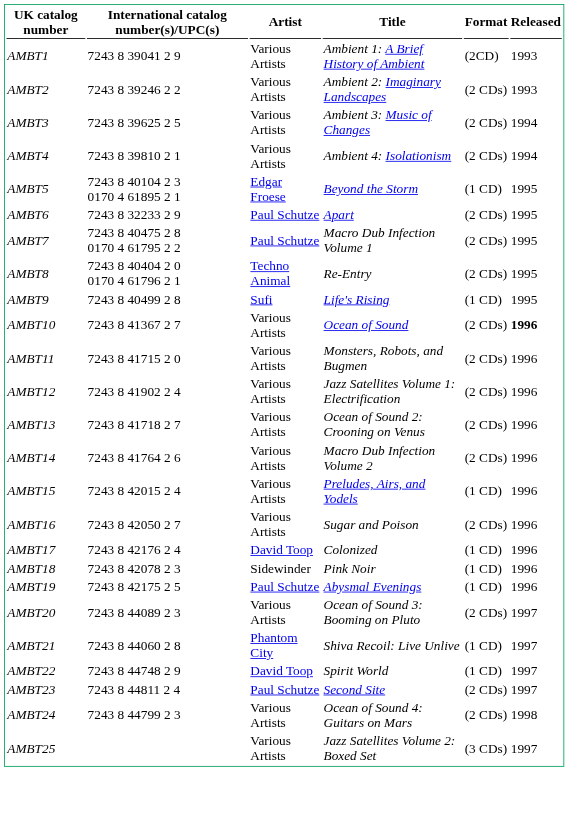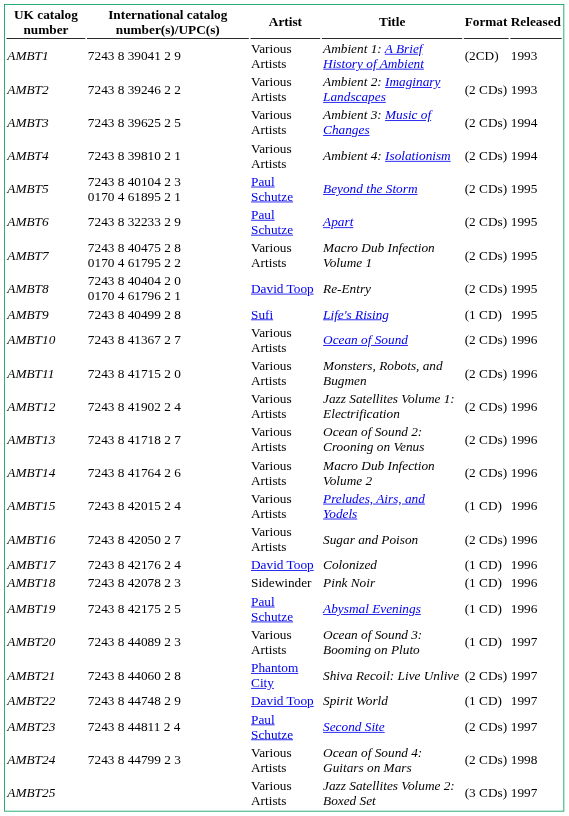 <table style="float: none; margin-center: 1em; margin-bottom: 0.5em; width: 675px; border: #009E58 solid 1px">
 <tr>
 <th style="border-bottom: black solid 1px;">UK catalog number</th>
 <th style="border-bottom: black solid 1px;">International catalog number(s)/UPC(s)</th>
 <th style="border-bottom: black solid 1px;">Artist</th>
 <th style="border-bottom: black solid 1px;">Title</th>
 <th style="border-bottom: black solid 1px;">Format</th>
 <th style="border-bottom: black solid 1px;">Released</th>
 </tr>
 <tr>
 <td><em>AMBT1</em></td>
 <td>7243 8 39041 2 9</td>
 <td>Various Artists</td>
 <td><em>Ambient 1: <a href='#'>A Brief History of Ambient</a></em></td>
 <td>(2CD)</td>
 <td>1993</td>
 </tr>
 <tr>
 <td><em>AMBT2</em></td>
 <td>7243 8 39246 2 2</td>
 <td>Various Artists</td>
 <td><em>Ambient 2: <a href='#'>Imaginary Landscapes</a></em></td>
 <td>(2 CDs)</td>
 <td>1993</td>
 </tr>
 <tr>
 <td><em>AMBT3</em></td>
 <td>7243 8 39625 2 5</td>
 <td>Various Artists</td>
 <td><em>Ambient 3: <a href='#'>Music of Changes</a></em></td>
 <td>(2 CDs)</td>
 <td>1994</td>
 </tr>
 <tr>
 <td><em>AMBT4</em></td>
 <td>7243 8 39810 2 1</td>
 <td>Various Artists</td>
 <td><em>Ambient 4: <a href='#'>Isolationism</a></em></td>
 <td>(2 CDs)</td>
 <td>1994</td>
 </tr>
 <tr>
 <td><em>AMBT5</em></td>
 <td>7243 8 40104 2 3<br>0170 4 61895 2 1</td>
-<td><a href='#'>Edgar Froese</a></td>
+<td><a href='#'>Paul Schutze</a></td>
 <td><em><a href='#'>Beyond the Storm</a></em></td>
-<td>(1 CD)</td>
+<td>(2 CDs)</td>
 <td>1995</td>
 </tr>
 <tr>
 <td><em>AMBT6</em></td>
 <td>7243 8 32233 2 9</td>
 <td><a href='#'>Paul Schutze</a></td>
 <td><em><a href='#'>Apart</a></em></td>
 <td>(2 CDs)</td>
 <td>1995</td>
 </tr>
 <tr>
 <td><em>AMBT7</em></td>
 <td>7243 8 40475 2 8<br>0170 4 61795 2 2</td>
-<td><a href='#'>Paul Schutze</a></td>
+<td>Various Artists</td>
 <td><em>Macro Dub Infection Volume 1</em></td>
 <td>(2 CDs)</td>
 <td>1995</td>
 </tr>
 <tr>
 <td><em>AMBT8</em></td>
 <td>7243 8 40404 2 0<br>0170 4 61796 2 1</td>
-<td><a href='#'>Techno Animal</a></td>
+<td><a href='#'>David Toop</a></td>
 <td><em>Re-Entry</em></td>
 <td>(2 CDs)</td>
 <td>1995</td>
 </tr>
 <tr>
 <td><em>AMBT9</em></td>
 <td>7243 8 40499 2 8</td>
 <td><a href='#'>Sufi</a></td>
 <td><em><a href='#'>Life's Rising</a></em></td>
 <td>(1 CD)</td>
 <td>1995</td>
 </tr>
 <tr>
 <td><em>AMBT10</em></td>
 <td>7243 8 41367 2 7</td>
 <td>Various Artists</td>
 <td><em><a href='#'>Ocean of Sound</a></em></td>
 <td>(2 CDs)</td>
-<td><strong>1996</strong></td>
+<td>1996</td>
 </tr>
 <tr>
 <td><em>AMBT11</em></td>
 <td>7243 8 41715 2 0</td>
 <td>Various Artists</td>
 <td><em>Monsters, Robots, and Bugmen</em></td>
 <td>(2 CDs)</td>
 <td>1996</td>
 </tr>
 <tr>
 <td><em>AMBT12</em></td>
 <td>7243 8 41902 2 4</td>
 <td>Various Artists</td>
 <td><em>Jazz Satellites Volume 1: Electrification</em></td>
 <td>(2 CDs)</td>
 <td>1996</td>
 </tr>
 <tr>
 <td><em>AMBT13</em></td>
 <td>7243 8 41718 2 7</td>
 <td>Various Artists</td>
 <td><em>Ocean of Sound 2: Crooning on Venus</em></td>
 <td>(2 CDs)</td>
 <td>1996</td>
 </tr>
 <tr>
 <td><em>AMBT14</em></td>
 <td>7243 8 41764 2 6</td>
 <td>Various Artists</td>
 <td><em>Macro Dub Infection Volume 2</em></td>
 <td>(2 CDs)</td>
 <td>1996</td>
 </tr>
 <tr>
 <td><em>AMBT15</em></td>
 <td>7243 8 42015 2 4</td>
 <td>Various Artists</td>
 <td><em><a href='#'>Preludes, Airs, and Yodels</a></em></td>
 <td>(1 CD)</td>
 <td>1996</td>
 </tr>
 <tr>
 <td><em>AMBT16</em></td>
 <td>7243 8 42050 2 7</td>
 <td>Various Artists</td>
 <td><em>Sugar and Poison</em></td>
 <td>(2 CDs)</td>
 <td>1996</td>
 </tr>
 <tr>
 <td><em>AMBT17</em></td>
 <td>7243 8 42176 2 4</td>
 <td><a href='#'>David Toop</a></td>
 <td><em>Colonized</em></td>
 <td>(1 CD)</td>
 <td>1996</td>
 </tr>
 <tr>
 <td><em>AMBT18</em></td>
 <td>7243 8 42078 2 3</td>
 <td>Sidewinder</td>
 <td><em>Pink Noir</em></td>
 <td>(1 CD)</td>
 <td>1996</td>
 </tr>
 <tr>
 <td><em>AMBT19</em></td>
 <td>7243 8 42175 2 5</td>
 <td><a href='#'>Paul Schutze</a></td>
 <td><em><a href='#'>Abysmal Evenings</a></em></td>
 <td>(1 CD)</td>
 <td>1996</td>
 </tr>
 <tr>
 <td><em>AMBT20</em></td>
 <td>7243 8 44089 2 3</td>
 <td>Various Artists</td>
 <td><em>Ocean of Sound 3: Booming on Pluto</em></td>
-<td>(2 CDs)</td>
+<td>(1 CD)</td>
 <td>1997</td>
 </tr>
 <tr>
 <td><em>AMBT21</em></td>
 <td>7243 8 44060 2 8</td>
 <td><a href='#'>Phantom City</a></td>
 <td><em>Shiva Recoil: Live Unlive</em></td>
-<td>(1 CD)</td>
+<td>(2 CDs)</td>
 <td>1997</td>
 </tr>
 <tr>
 <td><em>AMBT22</em></td>
 <td>7243 8 44748 2 9</td>
 <td><a href='#'>David Toop</a></td>
 <td><em>Spirit World</em></td>
 <td>(1 CD)</td>
 <td>1997</td>
 </tr>
 <tr>
 <td><em>AMBT23</em></td>
 <td>7243 8 44811 2 4</td>
 <td><a href='#'>Paul Schutze</a></td>
 <td><em><a href='#'>Second Site</a></em></td>
 <td>(2 CDs)</td>
 <td>1997</td>
 </tr>
 <tr>
 <td><em>AMBT24</em></td>
 <td>7243 8 44799 2 3</td>
 <td>Various Artists</td>
 <td><em>Ocean of Sound 4: Guitars on Mars</em></td>
 <td>(2 CDs)</td>
 <td>1998</td>
 </tr>
 <tr>
 <td><em>AMBT25</em></td>
 <td></td>
 <td>Various Artists</td>
 <td><em>Jazz Satellites Volume 2: Boxed Set</em></td>
 <td>(3 CDs)</td>
 <td>1997</td>
 </tr>
 </table>
